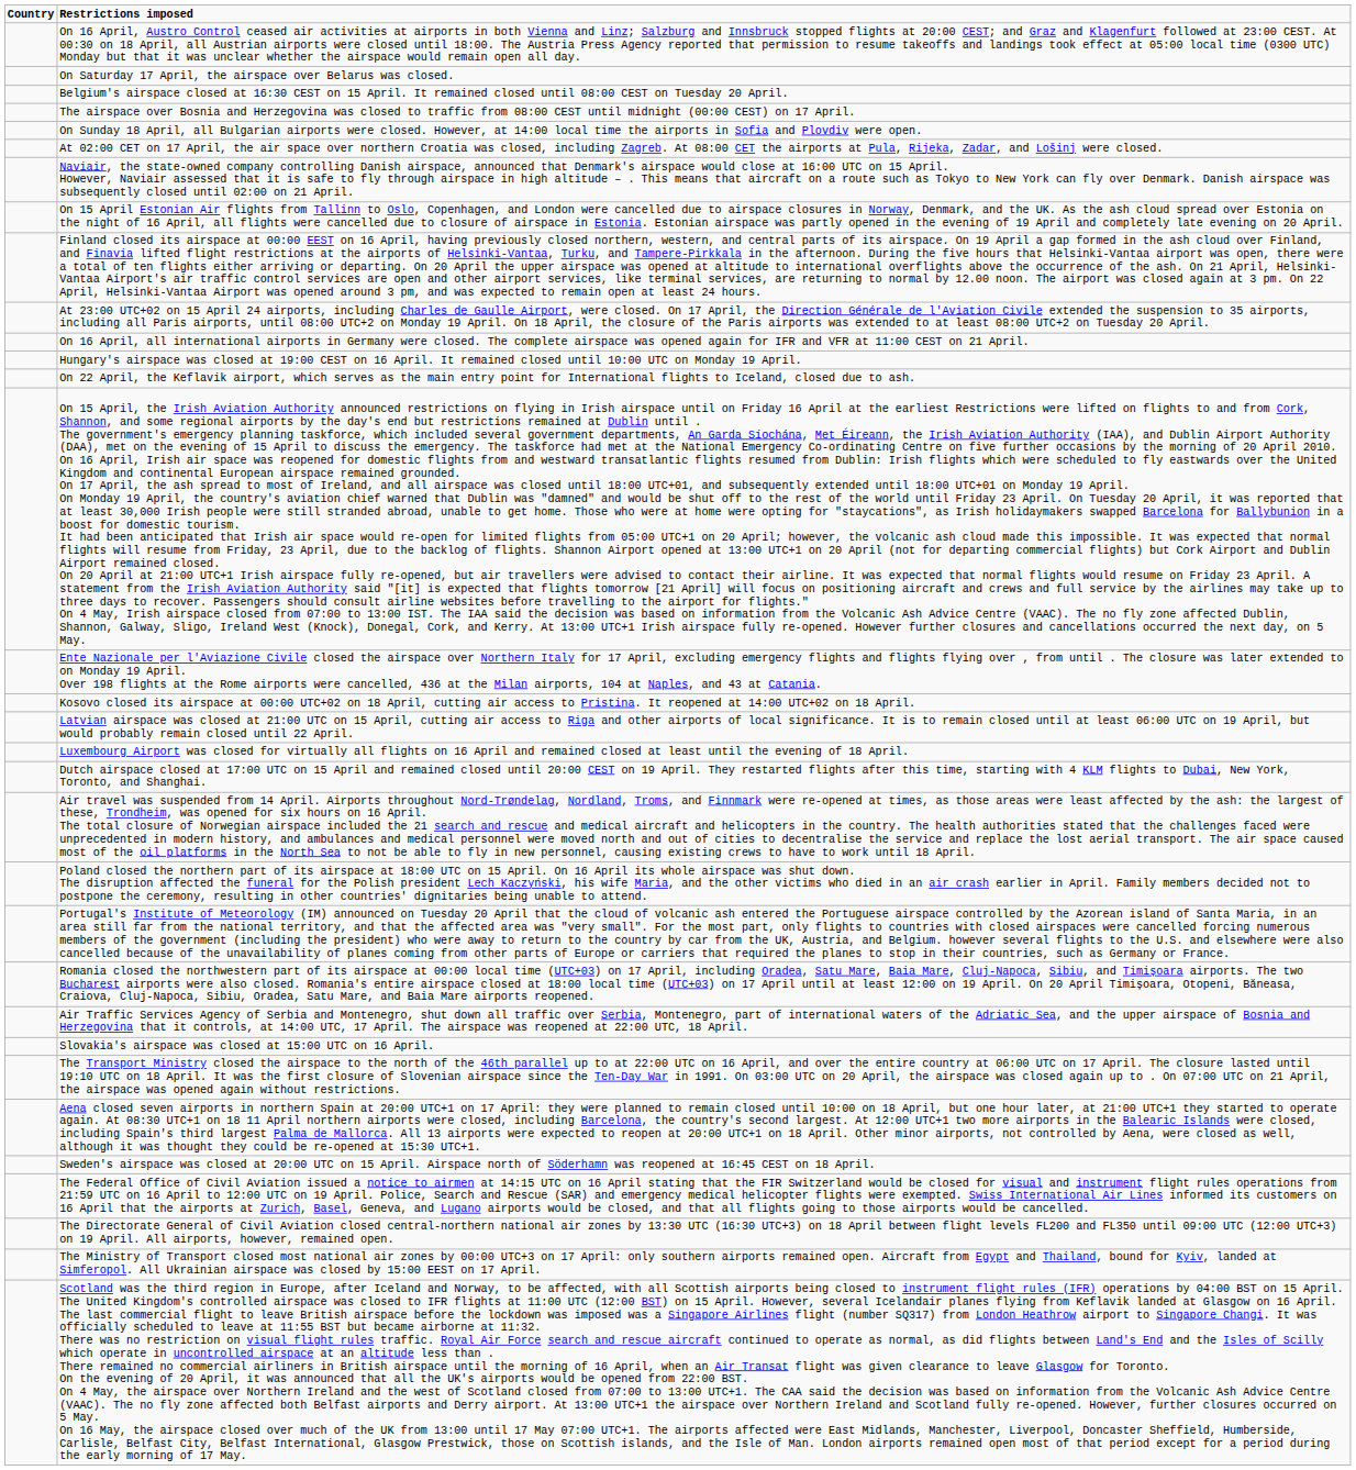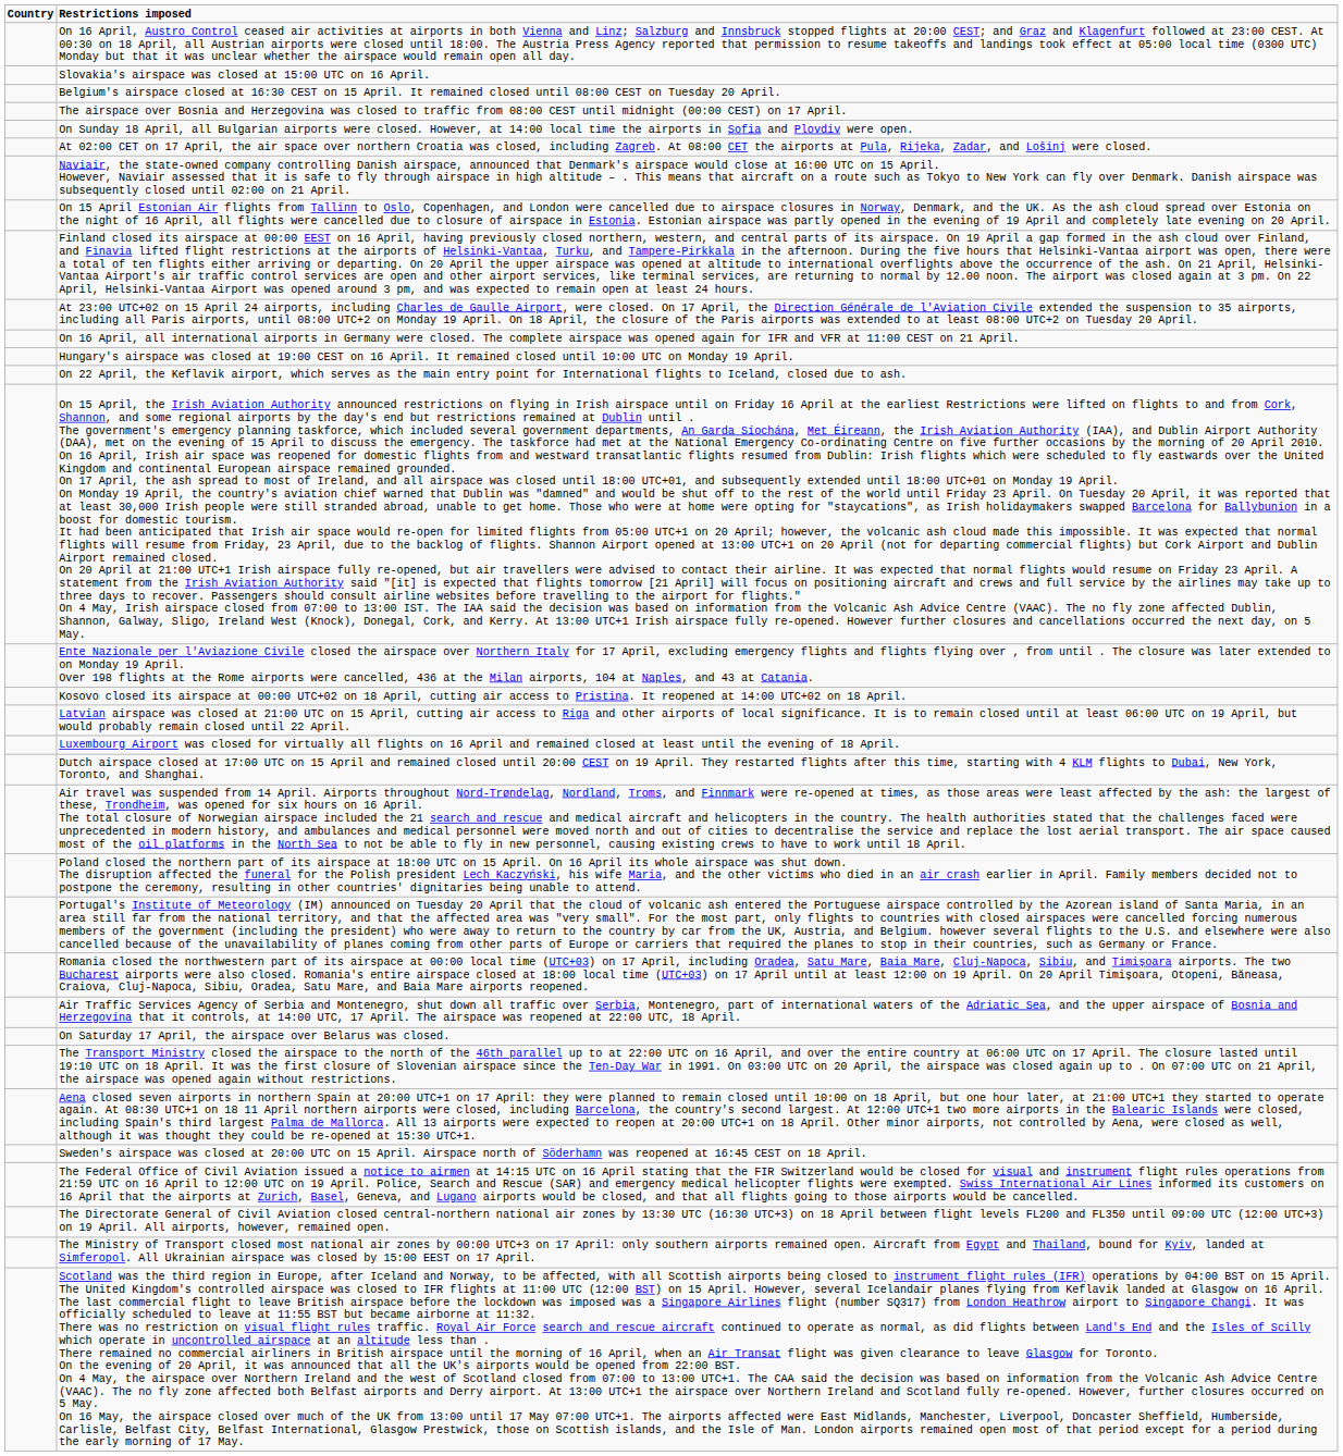 <table class="wikitable">
 <tr>
 <td><strong>Country</strong></td>
 <td><strong>Restrictions imposed</strong></td>
 </tr>
 <tr>
 <td></td>
 <td>On 16 April, <a href='#'>Austro Control</a> ceased air activities at airports in both <a href='#'>Vienna</a> and <a href='#'>Linz</a>; <a href='#'>Salzburg</a> and <a href='#'>Innsbruck</a> stopped flights at 20:00 <a href='#'>CEST</a>; and <a href='#'>Graz</a> and <a href='#'>Klagenfurt</a> followed at 23:00 CEST. At 00:30 on 18 April, all Austrian airports were closed until 18:00. The Austria Press Agency reported that permission to resume takeoffs and landings took effect at 05:00 local time (0300 UTC) Monday but that it was unclear whether the airspace would remain open all day.</td>
 </tr>
 <tr>
 <td></td>
-<td>On Saturday 17 April, the airspace over Belarus was closed.</td>
+<td>Slovakia's airspace was closed at 15:00 UTC on 16 April.</td>
 </tr>
 <tr>
 <td></td>
 <td>Belgium's airspace closed at 16:30 CEST on 15 April. It remained closed until 08:00 CEST on Tuesday 20 April.</td>
 </tr>
 <tr>
 <td></td>
 <td>The airspace over Bosnia and Herzegovina was closed to traffic from 08:00 CEST until midnight (00:00 CEST) on 17 April.</td>
 </tr>
 <tr>
 <td></td>
 <td>On Sunday 18 April, all Bulgarian airports were closed. However, at 14:00 local time the airports in <a href='#'>Sofia</a> and <a href='#'>Plovdiv</a> were open.</td>
 </tr>
 <tr>
 <td></td>
 <td>At 02:00 CET on 17 April, the air space over northern Croatia was closed, including <a href='#'>Zagreb</a>. At 08:00 <a href='#'>CET</a> the airports at <a href='#'>Pula</a>, <a href='#'>Rijeka</a>, <a href='#'>Zadar</a>, and <a href='#'>Lošinj</a> were closed.</td>
 </tr>
 <tr>
 <td></td>
 <td><a href='#'>Naviair</a>, the state-owned company controlling Danish airspace, announced that Denmark's airspace would close at 16:00 UTC on 15 April.<br>However, Naviair assessed that it is safe to fly through airspace in high altitude – . This means that aircraft on a route such as Tokyo to New York can fly over Denmark. Danish airspace was subsequently closed until 02:00 on 21 April.</td>
 </tr>
 <tr>
 <td></td>
 <td>On 15 April <a href='#'>Estonian Air</a> flights from <a href='#'>Tallinn</a> to <a href='#'>Oslo</a>, Copenhagen, and London were cancelled due to airspace closures in <a href='#'>Norway</a>, Denmark, and the UK. As the ash cloud spread over Estonia on the night of 16 April, all flights were cancelled due to closure of airspace in <a href='#'>Estonia</a>. Estonian airspace was partly opened in the evening of 19 April and completely late evening on 20 April.</td>
 </tr>
 <tr>
 <td></td>
 <td>Finland closed its airspace at 00:00 <a href='#'>EEST</a> on 16 April, having previously closed northern, western, and central parts of its airspace. On 19 April a gap formed in the ash cloud over Finland, and <a href='#'>Finavia</a> lifted flight restrictions at the airports of <a href='#'>Helsinki-Vantaa</a>, <a href='#'>Turku</a>, and <a href='#'>Tampere-Pirkkala</a> in the afternoon. During the five hours that Helsinki-Vantaa airport was open, there were a total of ten flights either arriving or departing. On 20 April the upper airspace was opened at  altitude to international overflights above the occurrence of the ash. On 21 April, Helsinki-Vantaa Airport's air traffic control services are open and other airport services, like terminal services, are returning to normal by 12.00 noon. The airport was closed again at 3 pm. On 22 April, Helsinki-Vantaa Airport was opened around 3 pm, and was expected to remain open at least 24 hours.</td>
 </tr>
 <tr>
 <td></td>
 <td>At 23:00 UTC+02 on 15 April 24 airports, including <a href='#'>Charles de Gaulle Airport</a>, were closed. On 17 April, the <a href='#'>Direction Générale de l'Aviation Civile</a> extended the suspension to 35 airports, including all Paris airports, until 08:00 UTC+2 on Monday 19 April. On 18 April, the closure of the Paris airports was extended to at least 08:00 UTC+2 on Tuesday 20 April.</td>
 </tr>
 <tr>
 <td></td>
 <td>On 16 April, all international airports in Germany were closed. The complete airspace was opened again for IFR and VFR at 11:00 CEST on 21 April.</td>
 </tr>
 <tr>
 <td></td>
 <td>Hungary's airspace was closed at 19:00 CEST on 16 April. It remained closed until 10:00 UTC on Monday 19 April. </td>
 </tr>
 <tr>
 <td></td>
 <td>On 22 April, the Keflavik airport, which serves as the main entry point for International flights to Iceland, closed due to ash.</td>
 </tr>
 <tr>
 <td></td>
 <td><br>On 15 April, the <a href='#'>Irish Aviation Authority</a> announced restrictions on flying in Irish airspace until  on Friday 16 April at the earliest Restrictions were lifted on flights to and from <a href='#'>Cork</a>, <a href='#'>Shannon</a>, and some regional airports by the day's end but restrictions remained at <a href='#'>Dublin</a> until .<br>The government's emergency planning taskforce, which included several government departments, <a href='#'>An Garda Síochána</a>, <a href='#'>Met Éireann</a>, the <a href='#'>Irish Aviation Authority</a> (IAA), and Dublin Airport Authority (DAA), met on the evening of 15 April to discuss the emergency. The taskforce had met at the National Emergency Co-ordinating Centre on five further occasions by the morning of 20 April 2010.<br>On 16 April, Irish air space was reopened for domestic flights from  and westward transatlantic flights resumed from Dublin: Irish flights which were scheduled to fly eastwards over the United Kingdom and continental European airspace remained grounded.<br>On 17 April, the ash spread to most of Ireland, and all airspace was closed until 18:00 UTC+01, and subsequently extended until 18:00 UTC+01 on Monday 19 April.<br>On Monday 19 April, the country's aviation chief warned that Dublin was "damned" and would be shut off to the rest of the world until Friday 23 April. On Tuesday 20 April, it was reported that at least 30,000 Irish people were still stranded abroad, unable to get home. Those who were at home were opting for "staycations", as Irish holidaymakers swapped <a href='#'>Barcelona</a> for <a href='#'>Ballybunion</a> in a boost for domestic tourism.<br>It had been anticipated that Irish air space would re-open for limited flights from 05:00 UTC+1 on 20 April; however, the volcanic ash cloud made this impossible. It was expected that normal flights will resume from Friday, 23 April, due to the backlog of flights. Shannon Airport opened at 13:00 UTC+1 on 20 April (not for departing commercial flights) but Cork Airport and Dublin Airport remained closed.<br>On 20 April at 21:00 UTC+1 Irish airspace fully re-opened, but air travellers were advised to contact their airline. It was expected that normal flights would resume on Friday 23 April. A statement from the <a href='#'>Irish Aviation Authority</a> said "[it] is expected that flights tomorrow [21 April] will focus on positioning aircraft and crews and full service by the airlines may take up to three days to recover. Passengers should consult airline websites before travelling to the airport for flights."<br>On 4 May, Irish airspace closed from 07:00 to 13:00 IST. The IAA said the decision was based on information from the Volcanic Ash Advice Centre (VAAC). The no fly zone affected Dublin, Shannon, Galway, Sligo, Ireland West (Knock), Donegal, Cork, and Kerry. At 13:00 UTC+1 Irish airspace fully re-opened. However further closures and cancellations occurred the next day, on 5 May. </td>
 </tr>
 <tr>
 <td></td>
 <td><a href='#'>Ente Nazionale per l'Aviazione Civile</a> closed the airspace over <a href='#'>Northern Italy</a> for 17 April, excluding emergency flights and flights flying over , from  until . The closure was later extended to  on Monday 19 April.<br>Over 198 flights at the Rome airports were cancelled, 436 at the <a href='#'>Milan</a> airports, 104 at <a href='#'>Naples</a>, and 43 at <a href='#'>Catania</a>.</td>
 </tr>
 <tr>
 <td></td>
 <td>Kosovo closed its airspace at 00:00 UTC+02 on 18 April, cutting air access to <a href='#'>Pristina</a>. It reopened at 14:00 UTC+02 on 18 April.</td>
 </tr>
 <tr>
 <td></td>
 <td><a href='#'>Latvian</a> airspace was closed at 21:00 UTC on 15 April, cutting air access to <a href='#'>Riga</a> and other airports of local significance. It is to remain closed until at least 06:00 UTC on 19 April, but would probably remain closed until 22 April.</td>
 </tr>
 <tr>
 <td></td>
 <td><a href='#'>Luxembourg Airport</a> was closed for virtually all flights on 16 April and remained closed at least until the evening of 18 April.</td>
 </tr>
 <tr>
 <td></td>
 <td>Dutch airspace closed at 17:00 UTC on 15 April and remained closed until 20:00 <a href='#'>CEST</a> on 19 April. They restarted flights after this time, starting with 4 <a href='#'>KLM</a> flights to <a href='#'>Dubai</a>, New York, Toronto, and Shanghai.</td>
 </tr>
 <tr>
 <td></td>
 <td>Air travel was suspended from 14 April. Airports throughout <a href='#'>Nord-Trøndelag</a>, <a href='#'>Nordland</a>, <a href='#'>Troms</a>, and <a href='#'>Finnmark</a> were re-opened at times, as those areas were least affected by the ash: the largest of these, <a href='#'>Trondheim</a>, was opened for six hours on 16 April.<br>The total closure of Norwegian airspace included the 21 <a href='#'>search and rescue</a> and medical aircraft and helicopters in the country. The health authorities stated that the challenges faced were unprecedented in modern history, and ambulances and medical personnel were moved north and out of cities to decentralise the service and replace the lost aerial transport. The air space caused most of the <a href='#'>oil platforms</a> in the <a href='#'>North Sea</a> to not be able to fly in new personnel, causing existing crews to have to work until 18 April.</td>
 </tr>
 <tr>
 <td></td>
 <td>Poland closed the northern part of its airspace at 18:00 UTC on 15 April. On 16 April its whole airspace was shut down.<br>The disruption affected the <a href='#'>funeral</a> for the Polish president <a href='#'>Lech Kaczyński</a>, his wife <a href='#'>Maria</a>, and the other victims who died in an <a href='#'>air crash</a> earlier in April. Family members decided not to postpone the ceremony, resulting in other countries' dignitaries being unable to attend.</td>
 </tr>
 <tr>
 <td></td>
 <td>Portugal's <a href='#'>Institute of Meteorology</a> (IM) announced on Tuesday 20 April that the cloud of volcanic ash entered the Portuguese airspace controlled by the Azorean island of Santa Maria, in an area still far from the national territory, and that the affected area was "very small". For the most part, only flights to countries with closed airspaces were cancelled forcing numerous members of the government (including the president) who were away to return to the country by car from the UK, Austria, and Belgium. however several flights to the U.S. and elsewhere were also cancelled because of the unavailability of planes coming from other parts of Europe or carriers that required the planes to stop in their countries, such as Germany or France.</td>
 </tr>
 <tr>
 <td></td>
 <td>Romania closed the northwestern part of its airspace at 00:00 local time (<a href='#'>UTC+03</a>) on 17 April, including <a href='#'>Oradea</a>, <a href='#'>Satu Mare</a>, <a href='#'>Baia Mare</a>, <a href='#'>Cluj-Napoca</a>, <a href='#'>Sibiu</a>, and <a href='#'>Timișoara</a> airports. The two <a href='#'>Bucharest</a> airports were also closed. Romania's entire airspace closed at 18:00 local time (<a href='#'>UTC+03</a>) on 17 April until at least 12:00 on 19 April. On 20 April Timișoara, Otopeni, Băneasa, Craiova, Cluj-Napoca, Sibiu, Oradea, Satu Mare, and Baia Mare airports reopened.</td>
 </tr>
 <tr>
 <td><br><br></td>
 <td>Air Traffic Services Agency of Serbia and Montenegro, shut down all traffic over <a href='#'>Serbia</a>, Montenegro, part of international waters of the <a href='#'>Adriatic Sea</a>, and the upper airspace of <a href='#'>Bosnia and Herzegovina</a> that it controls, at 14:00 UTC, 17 April. The airspace was reopened at 22:00 UTC, 18 April.</td>
 </tr>
 <tr>
 <td></td>
-<td>Slovakia's airspace was closed at 15:00 UTC on 16 April.</td>
+<td>On Saturday 17 April, the airspace over Belarus was closed.</td>
 </tr>
 <tr>
 <td></td>
 <td>The <a href='#'>Transport Ministry</a> closed the airspace to the north of the <a href='#'>46th parallel</a> up to  at 22:00 UTC on 16 April, and over the entire country at 06:00 UTC on 17 April. The closure lasted until 19:10 UTC on 18 April. It was the first closure of Slovenian airspace since the <a href='#'>Ten-Day War</a> in 1991. On 03:00 UTC on 20 April, the airspace was closed again up to . On 07:00 UTC on 21 April, the airspace was opened again without restrictions.</td>
 </tr>
 <tr>
 <td></td>
 <td><a href='#'>Aena</a> closed seven airports in northern Spain at 20:00 UTC+1 on 17 April: they were planned to remain closed until 10:00 on 18 April, but one hour later, at 21:00 UTC+1 they started to operate again. At 08:30 UTC+1 on 18 11 April northern airports were closed, including <a href='#'>Barcelona</a>, the country's second largest. At 12:00 UTC+1 two more airports in the <a href='#'>Balearic Islands</a> were closed, including Spain's third largest <a href='#'>Palma de Mallorca</a>. All 13 airports were expected to reopen at 20:00 UTC+1 on 18 April. Other minor airports, not controlled by Aena, were closed as well, although it was thought they could be re-opened at 15:30 UTC+1.</td>
 </tr>
 <tr>
 <td></td>
 <td>Sweden's airspace was closed at 20:00 UTC on 15 April. Airspace north of <a href='#'>Söderhamn</a> was reopened at 16:45 CEST on 18 April.</td>
 </tr>
 <tr>
 <td></td>
 <td>The Federal Office of Civil Aviation issued a <a href='#'>notice to airmen</a> at 14:15 UTC on 16 April stating that the FIR Switzerland would be closed for <a href='#'>visual</a> and <a href='#'>instrument</a> flight rules operations from 21:59 UTC on 16 April to 12:00 UTC on 19 April. Police, Search and Rescue (SAR) and emergency medical helicopter flights were exempted. <a href='#'>Swiss International Air Lines</a> informed its customers on 16 April that the airports at <a href='#'>Zurich</a>, <a href='#'>Basel</a>, Geneva, and <a href='#'>Lugano</a> airports would be closed, and that all flights going to those airports would be cancelled.</td>
 </tr>
 <tr>
 <td></td>
 <td>The Directorate General of Civil Aviation closed central-northern national air zones by 13:30 UTC (16:30 UTC+3) on 18 April between flight levels FL200 and FL350 until 09:00 UTC (12:00 UTC+3) on 19 April. All airports, however, remained open.</td>
 </tr>
 <tr>
 <td></td>
 <td>The Ministry of Transport closed most national air zones by 00:00 UTC+3 on 17 April: only southern airports remained open. Aircraft from <a href='#'>Egypt</a> and <a href='#'>Thailand</a>, bound for <a href='#'>Kyiv</a>, landed at <a href='#'>Simferopol</a>. All Ukrainian airspace was closed by 15:00 EEST on 17 April.</td>
 </tr>
 <tr>
 <td></td>
 <td><a href='#'>Scotland</a> was the third region in Europe, after Iceland and Norway, to be affected, with all Scottish airports being closed to <a href='#'>instrument flight rules (IFR)</a> operations by 04:00 BST on 15 April. The United Kingdom's controlled airspace was closed to IFR flights at 11:00 UTC (12:00 <a href='#'>BST</a>) on 15 April. However, several Icelandair planes flying from Keflavik landed at Glasgow on 16 April. The last commercial flight to leave British airspace before the lockdown was imposed was a <a href='#'>Singapore Airlines</a> flight (number SQ317) from <a href='#'>London Heathrow</a> airport to <a href='#'>Singapore Changi</a>. It was officially scheduled to leave at 11:55 BST but became airborne at 11:32.<br>There was no restriction on <a href='#'>visual flight rules</a> traffic. <a href='#'>Royal Air Force</a> <a href='#'>search and rescue aircraft</a> continued to operate as normal, as did flights between <a href='#'>Land's End</a> and the <a href='#'>Isles of Scilly</a> which operate in <a href='#'>uncontrolled airspace</a> at an <a href='#'>altitude</a> less than .<br>There remained no commercial airliners in British airspace until the morning of 16 April, when an <a href='#'>Air Transat</a> flight was given clearance to leave <a href='#'>Glasgow</a> for Toronto.<br>On the evening of 20 April, it was announced that all the UK's airports would be opened from 22:00 BST.<br>On 4 May, the airspace over Northern Ireland and the west of Scotland closed from 07:00 to 13:00 UTC+1. The CAA said the decision was based on information from the Volcanic Ash Advice Centre (VAAC). The no fly zone affected both Belfast airports and Derry airport.  At 13:00 UTC+1 the airspace over Northern Ireland and Scotland fully re-opened. However, further closures occurred on 5 May. <br>On 16 May, the airspace closed over much of the UK from 13:00 until 17 May 07:00 UTC+1. The airports affected were East Midlands, Manchester, Liverpool, Doncaster Sheffield, Humberside, Carlisle, Belfast City, Belfast International, Glasgow Prestwick, those on Scottish islands, and the Isle of Man. London airports remained open most of that period except for a period during the early morning of 17 May. </td>
 </tr>
 </table>
